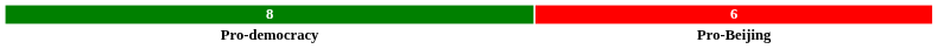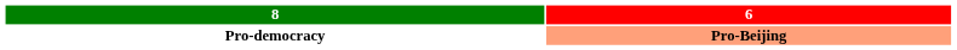 <table style="width:50%; text-align:center;">
 <tr style="color:white;">
 <td style="background:green; width:57.14%;"><strong>8</strong></td>
 <td style="background:red; width:42.86%;"><strong>6</strong></td>
 </tr>
 <tr>
 <td><span><strong>Pro-democracy</strong></span></td>
-<td><span><strong>Pro-Beijing</strong></span></td>
+<td style="background: lightsalmon;"><span><strong>Pro-Beijing</strong></span></td>
 </tr>
 </table>
